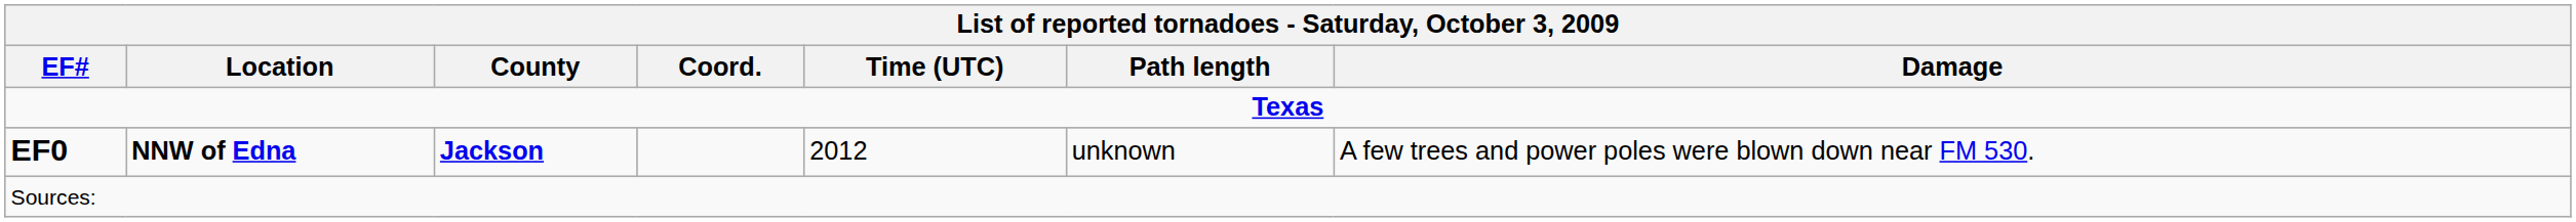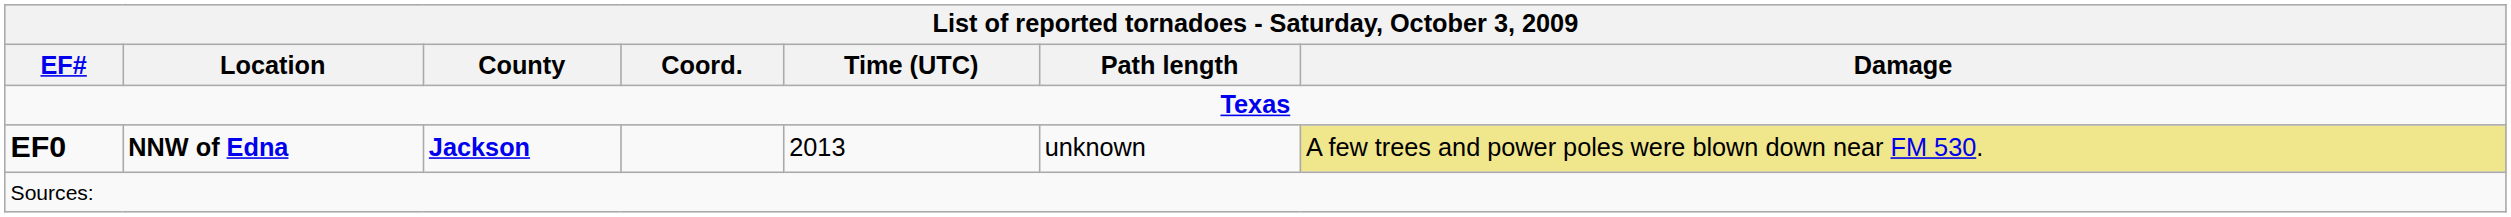 <table class="wikitable collapsible" width="100%">
 <tr>
 <th colspan="7">List of reported tornadoes - Saturday, October 3, 2009</th>
 </tr>
 <tr>
 <th><a href='#'>EF#</a></th>
 <th>Location</th>
 <th>County</th>
 <th>Coord.</th>
 <th>Time (UTC)</th>
 <th>Path length</th>
 <th>Damage</th>
 </tr>
 <tr>
 <td colspan="7" align=center><strong><a href='#'>Texas</a></strong></td>
 </tr>
 <tr>
 <td><big><strong>EF0</strong></big></td>
 <td><strong>NNW of <a href='#'>Edna</a></strong></td>
 <td><strong><a href='#'>Jackson</a></strong></td>
 <td></td>
-<td>2012</td>
+<td>2013</td>
 <td>unknown</td>
-<td>A few trees and power poles were blown down near <a href='#'>FM 530</a>.</td>
+<td style="background: khaki;">A few trees and power poles were blown down near <a href='#'>FM 530</a>.</td>
 </tr>
 <tr>
 <td colspan="7"><small>Sources: </small></td>
 </tr>
 </table>
